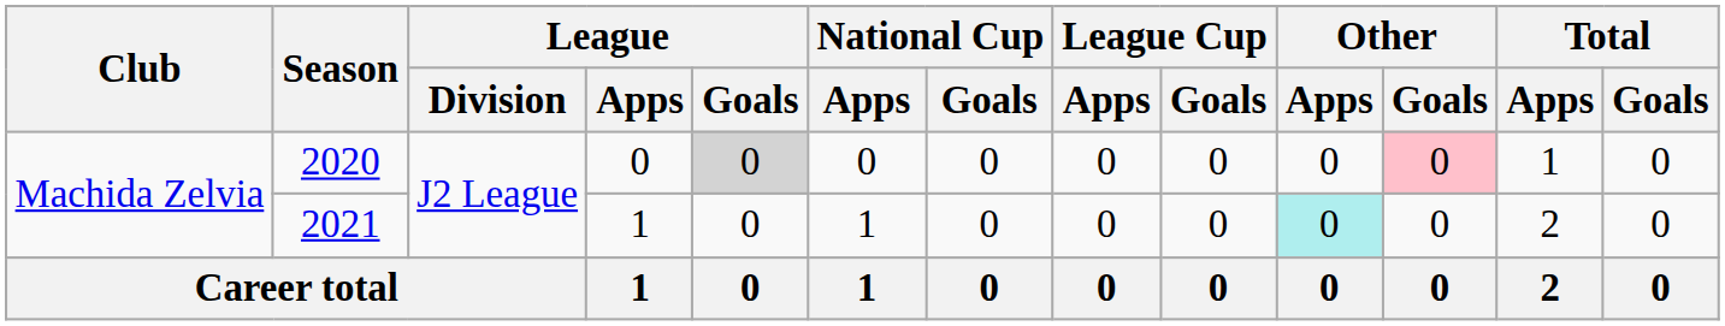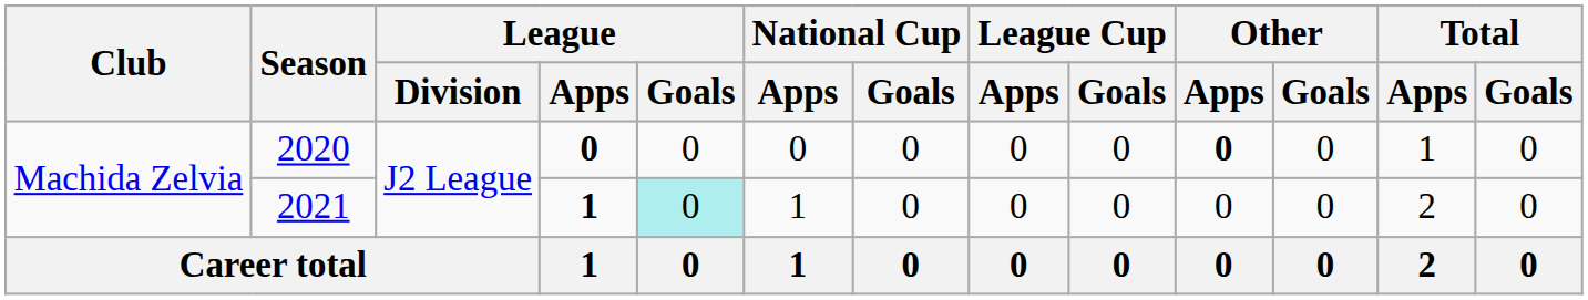 <table class="wikitable" style="text-align: center">
 <tr>
 <th rowspan="2">Club</th>
 <th rowspan="2">Season</th>
 <th colspan="3">League</th>
 <th colspan="2">National Cup</th>
 <th colspan="2">League Cup</th>
 <th colspan="2">Other</th>
 <th colspan="2">Total</th>
 </tr>
 <tr>
 <th>Division</th>
 <th>Apps</th>
 <th>Goals</th>
 <th>Apps</th>
 <th>Goals</th>
 <th>Apps</th>
 <th>Goals</th>
 <th>Apps</th>
 <th>Goals</th>
 <th>Apps</th>
 <th>Goals</th>
 </tr>
 <tr>
 <td rowspan="2"><a href='#'>Machida Zelvia</a></td>
 <td><a href='#'>2020</a></td>
 <td rowspan="2"><a href='#'>J2 League</a></td>
-<td>0</td>
-<td style="background: lightgrey;">0</td>
+<td><strong>0</strong></td>
 <td>0</td>
 <td>0</td>
 <td>0</td>
 <td>0</td>
 <td>0</td>
-<td style="background: pink;">0</td>
+<td><strong>0</strong></td>
+<td>0</td>
 <td>1</td>
 <td>0</td>
 </tr>
 <tr>
 <td><a href='#'>2021</a></td>
-<td>1</td>
-<td>0</td>
+<td><strong>1</strong></td>
+<td style="background: paleturquoise;">0</td>
 <td>1</td>
 <td>0</td>
 <td>0</td>
 <td>0</td>
-<td style="background: paleturquoise;">0</td>
+<td>0</td>
 <td>0</td>
 <td>2</td>
 <td>0</td>
 </tr>
 <tr>
 <th colspan=3>Career total</th>
 <th>1</th>
 <th>0</th>
 <th>1</th>
 <th>0</th>
 <th>0</th>
 <th>0</th>
 <th>0</th>
 <th>0</th>
 <th>2</th>
 <th>0</th>
 </tr>
 </table>
